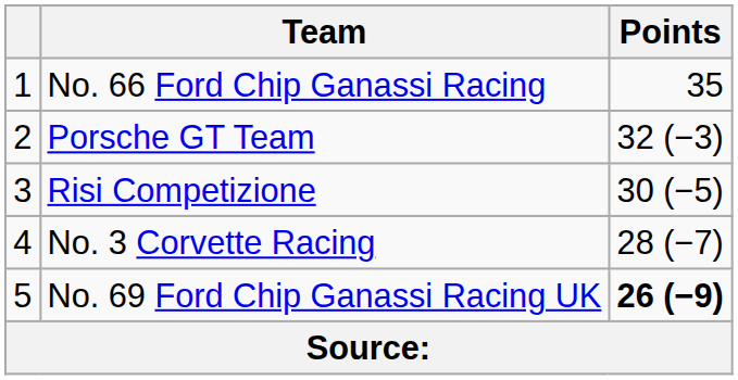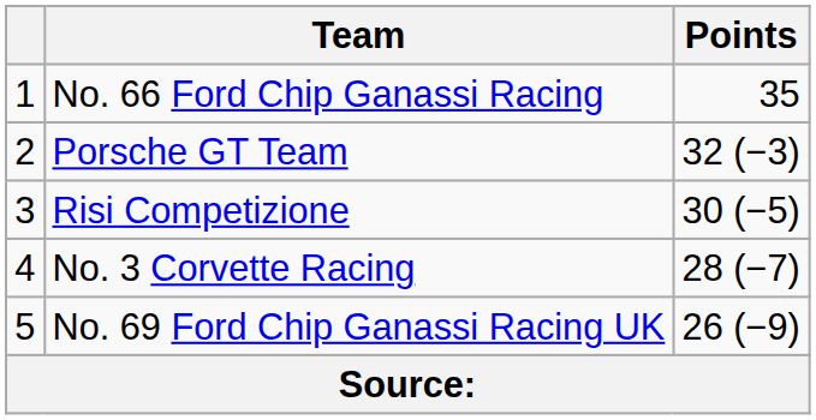 <table class="wikitable" style="font-size: 95%;">
 <tr>
 <th scope="col"></th>
 <th scope="col">Team</th>
 <th scope="col">Points</th>
 </tr>
 <tr>
 <td align=center>1</td>
 <td> No. 66 <a href='#'>Ford Chip Ganassi Racing</a></td>
 <td align=right>35</td>
 </tr>
 <tr>
 <td align=center>2</td>
 <td> <a href='#'>Porsche GT Team</a></td>
 <td align=right>32 (−3)</td>
 </tr>
 <tr>
 <td align=center>3</td>
 <td> <a href='#'>Risi Competizione</a></td>
 <td align=right>30 (−5)</td>
 </tr>
 <tr>
 <td align=center>4</td>
 <td> No. 3 <a href='#'>Corvette Racing</a></td>
 <td align=right>28 (−7)</td>
 </tr>
 <tr>
 <td align=center>5</td>
 <td> No. 69 <a href='#'>Ford Chip Ganassi Racing UK</a></td>
-<td align=right><strong>26 (−9)</strong></td>
+<td align=right>26 (−9)</td>
 </tr>
 <tr>
 <th colspan=4>Source:</th>
 </tr>
 </table>
